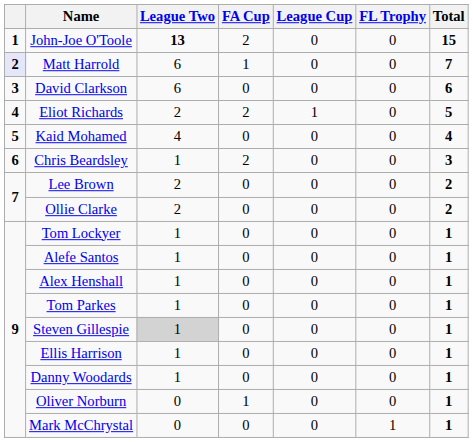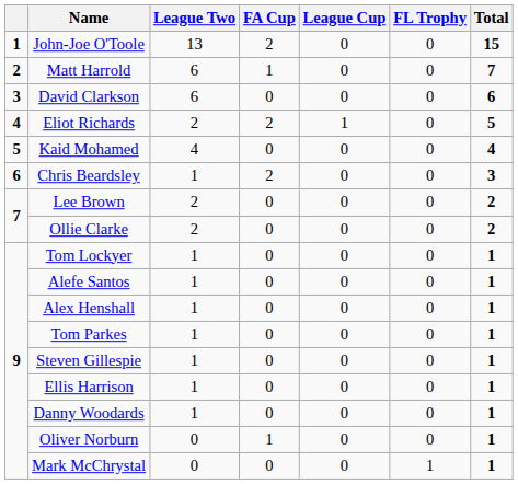 <table class="wikitable" style="font-size: 95%; text-align: center;">
 <tr>
 <th width=15></th>
 <th>Name</th>
 <th><a href='#'>League Two</a></th>
 <th><a href='#'>FA Cup</a></th>
 <th><a href='#'>League Cup</a></th>
 <th><a href='#'>FL Trophy</a></th>
 <th>Total</th>
 </tr>
 <tr>
 <td><strong>1</strong></td>
 <td><a href='#'>John-Joe O'Toole</a></td>
-<td><strong>13</strong></td>
+<td>13</td>
 <td>2</td>
 <td>0</td>
 <td>0</td>
 <td><strong>15</strong></td>
 </tr>
 <tr>
-<td style="background: lavender;"><strong>2</strong></td>
+<td><strong>2</strong></td>
 <td><a href='#'>Matt Harrold</a></td>
 <td>6</td>
 <td>1</td>
 <td>0</td>
 <td>0</td>
 <td><strong>7</strong></td>
 </tr>
 <tr>
 <td><strong>3</strong></td>
 <td><a href='#'>David Clarkson</a></td>
 <td>6</td>
 <td>0</td>
 <td>0</td>
 <td>0</td>
 <td><strong>6</strong></td>
 </tr>
 <tr>
 <td><strong>4</strong></td>
 <td><a href='#'>Eliot Richards</a></td>
 <td>2</td>
 <td>2</td>
 <td>1</td>
 <td>0</td>
 <td><strong>5</strong></td>
 </tr>
 <tr>
 <td><strong>5</strong></td>
 <td><a href='#'>Kaid Mohamed</a></td>
 <td>4</td>
 <td>0</td>
 <td>0</td>
 <td>0</td>
 <td><strong>4</strong></td>
 </tr>
 <tr>
 <td><strong>6</strong></td>
 <td><a href='#'>Chris Beardsley</a></td>
 <td>1</td>
 <td>2</td>
 <td>0</td>
 <td>0</td>
 <td><strong>3</strong></td>
 </tr>
 <tr>
 <td rowspan=2><strong>7</strong></td>
 <td><a href='#'>Lee Brown</a></td>
 <td>2</td>
 <td>0</td>
 <td>0</td>
 <td>0</td>
 <td><strong>2</strong></td>
 </tr>
 <tr>
 <td><a href='#'>Ollie Clarke</a></td>
 <td>2</td>
 <td>0</td>
 <td>0</td>
 <td>0</td>
 <td><strong>2</strong></td>
 </tr>
 <tr>
 <td rowspan=9><strong>9</strong></td>
 <td><a href='#'>Tom Lockyer</a></td>
 <td>1</td>
 <td>0</td>
 <td>0</td>
 <td>0</td>
 <td><strong>1</strong></td>
 </tr>
 <tr>
 <td><a href='#'>Alefe Santos</a></td>
 <td>1</td>
 <td>0</td>
 <td>0</td>
 <td>0</td>
 <td><strong>1</strong></td>
 </tr>
 <tr>
 <td><a href='#'>Alex Henshall</a></td>
 <td>1</td>
 <td>0</td>
 <td>0</td>
 <td>0</td>
 <td><strong>1</strong></td>
 </tr>
 <tr>
 <td><a href='#'>Tom Parkes</a></td>
 <td>1</td>
 <td>0</td>
 <td>0</td>
 <td>0</td>
 <td><strong>1</strong></td>
 </tr>
 <tr>
 <td><a href='#'>Steven Gillespie</a></td>
-<td style="background: lightgrey;">1</td>
+<td>1</td>
 <td>0</td>
 <td>0</td>
 <td>0</td>
 <td><strong>1</strong></td>
 </tr>
 <tr>
 <td><a href='#'>Ellis Harrison</a></td>
 <td>1</td>
 <td>0</td>
 <td>0</td>
 <td>0</td>
 <td><strong>1</strong></td>
 </tr>
 <tr>
 <td><a href='#'>Danny Woodards</a></td>
 <td>1</td>
 <td>0</td>
 <td>0</td>
 <td>0</td>
 <td><strong>1</strong></td>
 </tr>
 <tr>
 <td><a href='#'>Oliver Norburn</a></td>
 <td>0</td>
 <td>1</td>
 <td>0</td>
 <td>0</td>
 <td><strong>1</strong></td>
 </tr>
 <tr>
 <td><a href='#'>Mark McChrystal</a></td>
 <td>0</td>
 <td>0</td>
 <td>0</td>
 <td>1</td>
 <td><strong>1</strong></td>
 </tr>
 </table>
